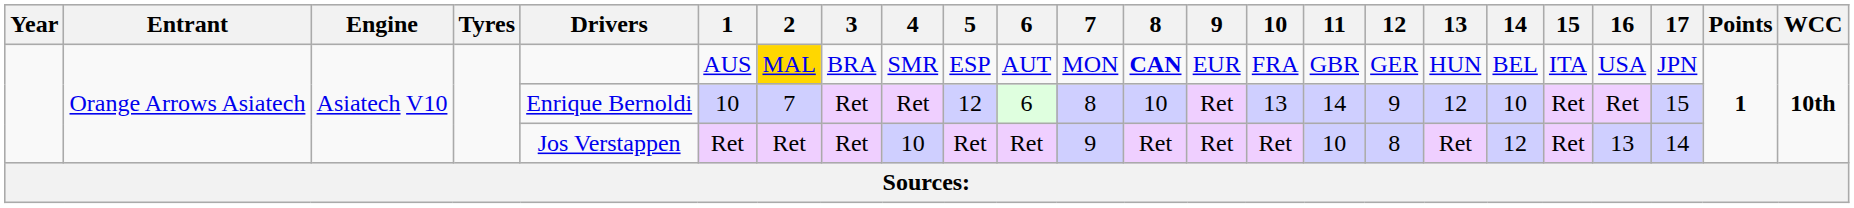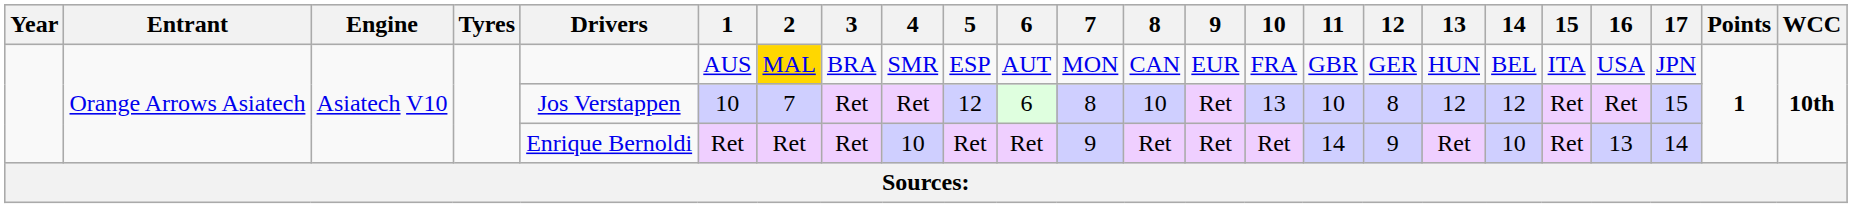 <table class="wikitable" style="text-align:center; font-size:95%">
 <tr>
 <th>Year</th>
 <th>Entrant</th>
 <th>Engine</th>
 <th>Tyres</th>
 <th>Drivers</th>
 <th>1</th>
 <th>2</th>
 <th>3</th>
 <th>4</th>
 <th>5</th>
 <th>6</th>
 <th>7</th>
 <th>8</th>
 <th>9</th>
 <th>10</th>
 <th>11</th>
 <th>12</th>
 <th>13</th>
 <th>14</th>
 <th>15</th>
 <th>16</th>
 <th>17</th>
 <th>Points</th>
 <th>WCC</th>
 </tr>
 <tr>
 <td rowspan="3"></td>
 <td rowspan="3"><a href='#'>Orange Arrows Asiatech</a></td>
 <td rowspan="3"><a href='#'>Asiatech</a> <a href='#'>V10</a></td>
 <td rowspan="3"></td>
 <td></td>
 <td><a href='#'>AUS</a></td>
 <td style="background: gold;"><a href='#'>MAL</a></td>
 <td><a href='#'>BRA</a></td>
 <td><a href='#'>SMR</a></td>
 <td><a href='#'>ESP</a></td>
 <td><a href='#'>AUT</a></td>
 <td><a href='#'>MON</a></td>
-<td><strong><a href='#'>CAN</a></strong></td>
+<td><a href='#'>CAN</a></td>
 <td><a href='#'>EUR</a></td>
 <td><a href='#'>FRA</a></td>
 <td><a href='#'>GBR</a></td>
 <td><a href='#'>GER</a></td>
 <td><a href='#'>HUN</a></td>
 <td><a href='#'>BEL</a></td>
 <td><a href='#'>ITA</a></td>
 <td><a href='#'>USA</a></td>
 <td><a href='#'>JPN</a></td>
 <td rowspan="3"><strong>1</strong></td>
 <td rowspan="3"><strong>10th</strong></td>
 </tr>
 <tr>
-<td> <a href='#'>Enrique Bernoldi</a></td>
+<td> <a href='#'>Jos Verstappen</a></td>
 <td style="background:#CFCFFF;">10</td>
 <td style="background:#CFCFFF;">7</td>
 <td style="background:#EFCFFF;">Ret</td>
 <td style="background:#EFCFFF;">Ret</td>
 <td style="background:#CFCFFF;">12</td>
 <td style="background:#DFFFDF;">6</td>
 <td style="background:#CFCFFF;">8</td>
 <td style="background:#CFCFFF;">10</td>
 <td style="background:#EFCFFF;">Ret</td>
 <td style="background:#CFCFFF;">13</td>
-<td style="background:#CFCFFF;">14</td>
-<td style="background:#CFCFFF;">9</td>
+<td style="background:#CFCFFF;">10</td>
+<td style="background:#CFCFFF;">8</td>
 <td style="background:#CFCFFF;">12</td>
-<td style="background:#CFCFFF;">10</td>
+<td style="background:#CFCFFF;">12</td>
 <td style="background:#EFCFFF;">Ret</td>
 <td style="background:#EFCFFF;">Ret</td>
 <td style="background:#CFCFFF;">15</td>
 </tr>
 <tr>
-<td> <a href='#'>Jos Verstappen</a></td>
+<td> <a href='#'>Enrique Bernoldi</a></td>
 <td style="background:#EFCFFF;">Ret</td>
 <td style="background:#EFCFFF;">Ret</td>
 <td style="background:#EFCFFF;">Ret</td>
 <td style="background:#CFCFFF;">10</td>
 <td style="background:#EFCFFF;">Ret</td>
 <td style="background:#EFCFFF;">Ret</td>
 <td style="background:#CFCFFF;">9</td>
 <td style="background:#EFCFFF;">Ret</td>
 <td style="background:#EFCFFF;">Ret</td>
 <td style="background:#EFCFFF;">Ret</td>
+<td style="background:#CFCFFF;">14</td>
+<td style="background:#CFCFFF;">9</td>
+<td style="background:#EFCFFF;">Ret</td>
 <td style="background:#CFCFFF;">10</td>
-<td style="background:#CFCFFF;">8</td>
-<td style="background:#EFCFFF;">Ret</td>
-<td style="background:#CFCFFF;">12</td>
 <td style="background:#EFCFFF;">Ret</td>
 <td style="background:#CFCFFF;">13</td>
 <td style="background:#CFCFFF;">14</td>
 </tr>
 <tr>
 <th colspan="24">Sources:</th>
 </tr>
 </table>
